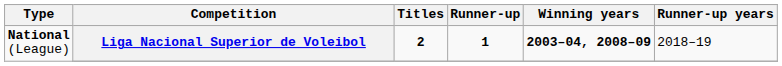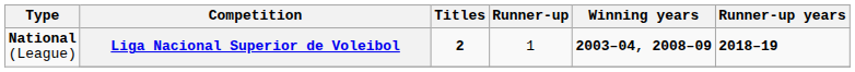 <table class="wikitable plainrowheaders" style="font-size:95%; text-align:center;">
 <tr>
 <th>Type</th>
 <th width="300px">Competition</th>
 <th>Titles</th>
 <th>Runner-up</th>
 <th>Winning years</th>
 <th>Runner-up years</th>
 </tr>
 <tr>
 <td rowspan="2"><strong>National</strong><br>(League)</td>
 <th scope="col"><a href='#'>Liga Nacional Superior de Voleibol</a></th>
 <td><strong>2</strong></td>
-<td><strong>1</strong></td>
+<td>1</td>
 <td align="left"><strong>2003–04, 2008–09</strong></td>
-<td align="left">2018–19</td>
+<td align="left"><strong>2018–19</strong></td>
 </tr>
 <tr>
 </tr>
 </table>
